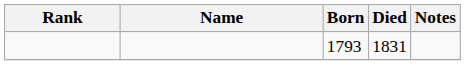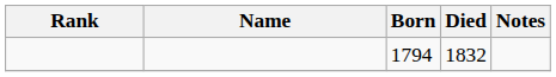 <table class="wikitable sortable">
 <tr>
 <th width="100">Rank</th>
 <th width="180">Name</th>
 <th width="30">Born</th>
 <th width="30">Died</th>
 <th>Notes</th>
 </tr>
 <tr>
 <td></td>
 <td></td>
-<td>1793</td>
-<td>1831</td>
+<td>1794</td>
+<td>1832</td>
 <td></td>
 </tr>
 <tr>
 </tr>
 </table>
